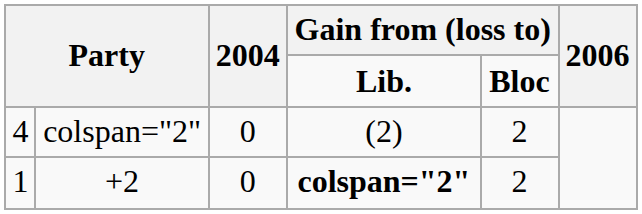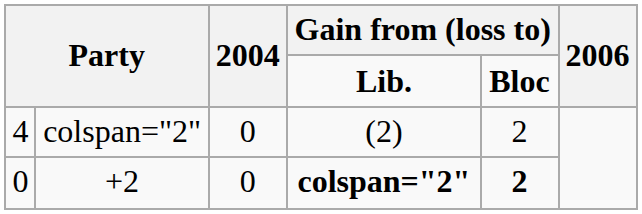 <table class="wikitable" style="text-align:center" align="center">
 <tr>
 <th rowspan="2" colspan="2">Party</th>
 <th rowspan="2">2004</th>
 <th colspan="4">Gain from (loss to)</th>
 <th rowspan="2">2006</th>
 </tr>
 <tr>
 <td><strong>Lib.</strong></td>
 <td><strong>Bloc</strong></td>
 </tr>
 <tr>
 <td>4</td>
 <td>colspan="2" </td>
 <td>0</td>
 <td>(2)</td>
 <td>2</td>
 </tr>
 <tr>
-<td>1</td>
+<td>0</td>
 <td>+2</td>
 <td>0</td>
 <td><strong>colspan="2" </strong></td>
-<td>2</td>
+<td><strong>2</strong></td>
 </tr>
 </table>
